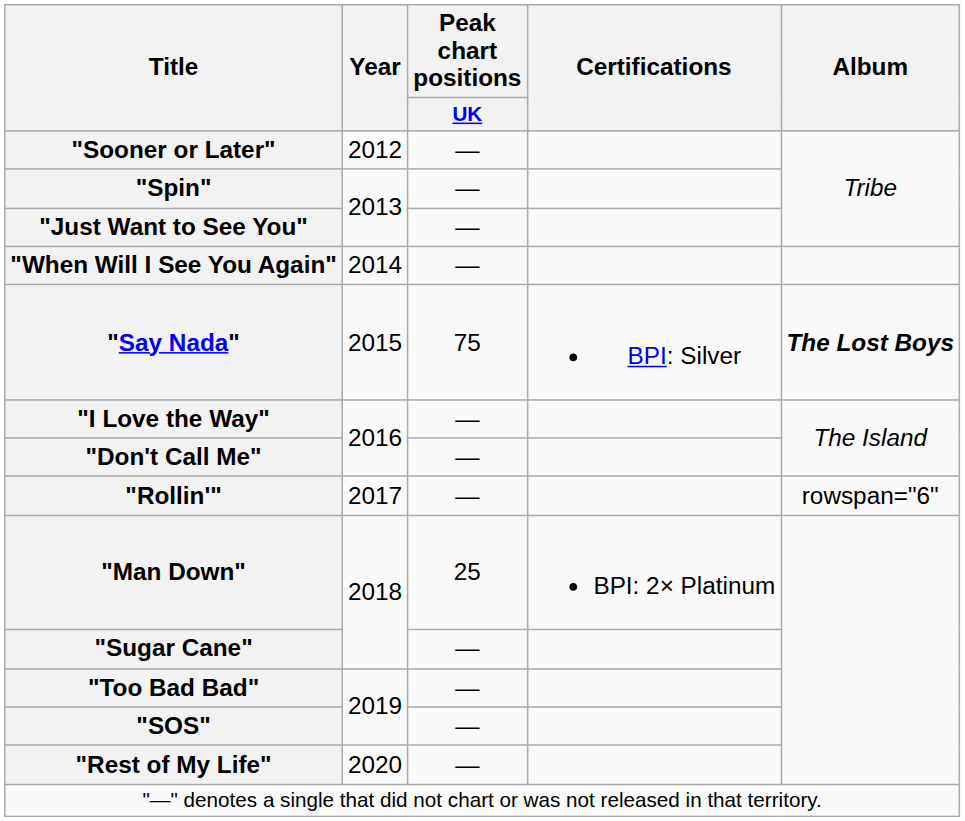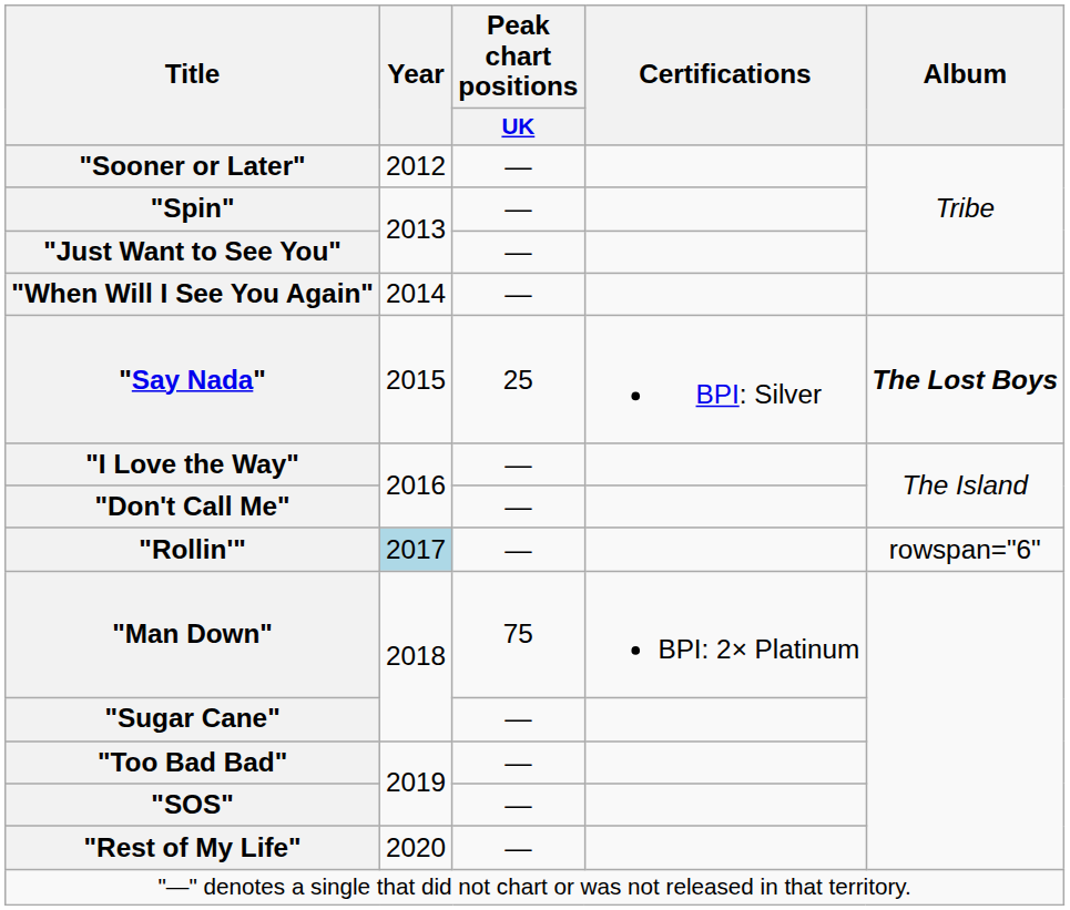 <table class="wikitable plainrowheaders" style="text-align:center;">
 <tr>
 <th scope="col" rowspan="2">Title</th>
 <th scope="col" rowspan="2">Year</th>
 <th scope="col" colspan="1">Peak chart positions</th>
 <th scope="col" rowspan="2">Certifications</th>
 <th scope="col" rowspan="2">Album</th>
 </tr>
 <tr>
 <th scope="col" style="width:3em;font-size:85%;"><a href='#'>UK</a><br></th>
 </tr>
 <tr>
 <th scope="row">"Sooner or Later"</th>
 <td>2012</td>
 <td>—</td>
 <td></td>
 <td rowspan="3"><em>Tribe</em></td>
 </tr>
 <tr>
 <th scope="row">"Spin"</th>
 <td rowspan="2">2013</td>
 <td>—</td>
 <td></td>
 </tr>
 <tr>
 <th scope="row">"Just Want to See You"</th>
 <td>—</td>
 <td></td>
 </tr>
 <tr>
 <th scope="row">"When Will I See You Again"</th>
 <td>2014</td>
 <td>—</td>
 <td></td>
 <td></td>
 </tr>
 <tr>
 <th scope="row">"<a href='#'>Say Nada</a>"<br> </th>
 <td>2015</td>
-<td>75</td>
+<td>25</td>
 <td><br><ul><li><a href='#'>BPI</a>: Silver</li></ul></td>
 <td><strong><em>The Lost Boys</em></strong></td>
 </tr>
 <tr>
 <th scope="row">"I Love the Way"<br> </th>
 <td rowspan="2">2016</td>
 <td>—</td>
 <td></td>
 <td rowspan="2"><em>The Island</em></td>
 </tr>
 <tr>
 <th scope="row">"Don't Call Me"</th>
 <td>—</td>
 <td></td>
 </tr>
 <tr>
 <th scope="row">"Rollin'"<br> </th>
-<td>2017</td>
+<td style="background: lightblue;">2017</td>
 <td>—</td>
 <td></td>
 <td>rowspan="6" </td>
 </tr>
 <tr>
 <th scope="row">"Man Down"<br> </th>
 <td rowspan="2">2018</td>
-<td>25</td>
+<td>75</td>
 <td><br><ul><li>BPI: 2× Platinum</li></ul></td>
 </tr>
 <tr>
 <th scope="row">"Sugar Cane"</th>
 <td>—</td>
 <td></td>
 </tr>
 <tr>
 <th scope="row">"Too Bad Bad" <br> </th>
 <td rowspan="2">2019</td>
 <td>—</td>
 <td></td>
 </tr>
 <tr>
 <th scope="row">"SOS"</th>
 <td>—</td>
 <td></td>
 </tr>
 <tr>
 <th scope="row">"Rest of My Life" <br> </th>
 <td>2020</td>
 <td>—</td>
 <td></td>
 </tr>
 <tr>
 <td colspan="16" style="font-size:85%">"—" denotes a single that did not chart or was not released in that territory.</td>
 </tr>
 </table>
